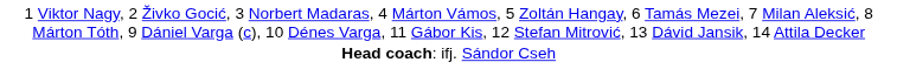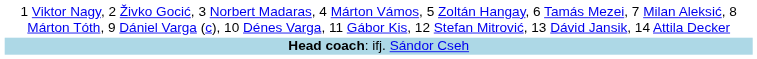 <table style="text-align: center; margin-top: 2em; margin-left: auto; margin-right: auto">
 <tr>
 <td>1 <a href='#'>Viktor Nagy</a>, 2 <a href='#'>Živko Gocić</a>, 3 <a href='#'>Norbert Madaras</a>, 4 <a href='#'>Márton Vámos</a>, 5 <a href='#'>Zoltán Hangay</a>, 6 <a href='#'>Tamás Mezei</a>, 7 <a href='#'>Milan Aleksić</a>, 8 <a href='#'>Márton Tóth</a>, 9 <a href='#'>Dániel Varga</a> (<a href='#'>c</a>), 10 <a href='#'>Dénes Varga</a>, 11 <a href='#'>Gábor Kis</a>, 12 <a href='#'>Stefan Mitrović</a>, 13 <a href='#'>Dávid Jansik</a>, 14 <a href='#'>Attila Decker</a></td>
 </tr>
 <tr>
-<td><strong>Head coach</strong>: ifj. <a href='#'>Sándor Cseh</a></td>
+<td style="background: lightblue;"><strong>Head coach</strong>: ifj. <a href='#'>Sándor Cseh</a></td>
 </tr>
 </table>
